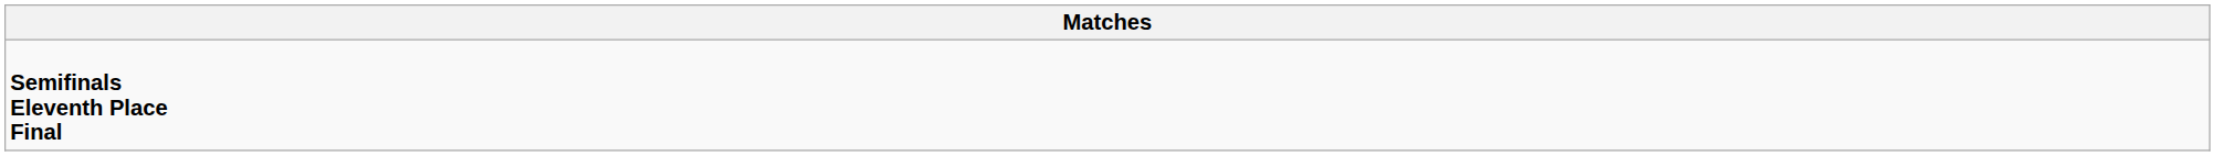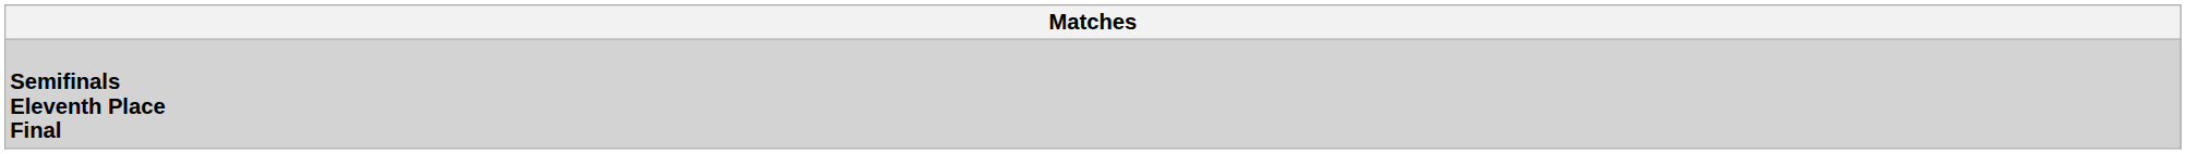 <table class="wikitable collapsible collapsed" style="width:100%;">
 <tr>
 <th>Matches</th>
 </tr>
 <tr>
-<td><br><strong>Semifinals</strong>  <br><strong>Eleventh Place</strong> <br><strong>Final</strong> </td>
+<td style="background: lightgrey;"><br><strong>Semifinals</strong>  <br><strong>Eleventh Place</strong> <br><strong>Final</strong> </td>
 </tr>
 </table>
